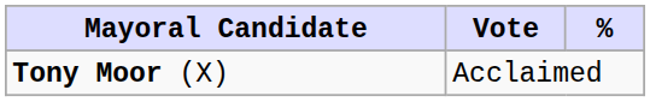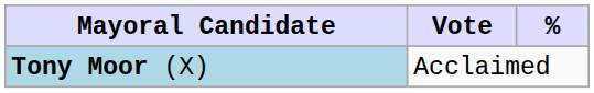 <table class="wikitable">
 <tr>
 <th style="background:#ddf; width:200px;">Mayoral Candidate</th>
 <th style="background:#ddf; width:50px;">Vote</th>
 <th style="background:#ddf; width:30px;">%</th>
 </tr>
 <tr>
-<td><strong>Tony Moor</strong> (X)</td>
+<td style="background: lightblue;"><strong>Tony Moor</strong> (X)</td>
 <td colspan="2">Acclaimed</td>
 </tr>
 </table>
